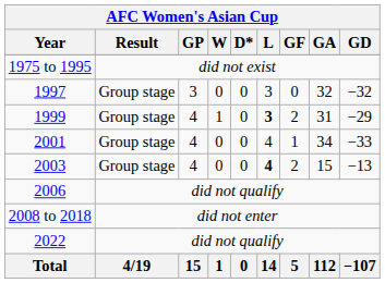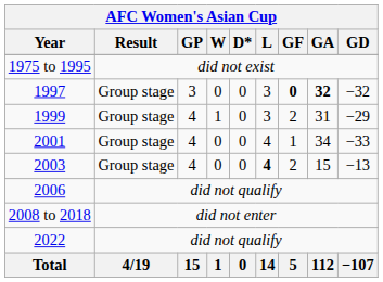 <table class="wikitable" style="text-align: center;">
 <tr>
 <th colspan=10><a href='#'>AFC Women's Asian Cup</a></th>
 </tr>
 <tr>
 <th>Year</th>
 <th>Result</th>
 <th>GP</th>
 <th>W</th>
 <th>D*</th>
 <th>L</th>
 <th>GF</th>
 <th>GA</th>
 <th>GD</th>
 </tr>
 <tr>
 </tr>
 <tr>
 <td> <a href='#'>1975</a> to  <a href='#'>1995</a></td>
 <td colspan="9"><em>did not exist</em></td>
 </tr>
 <tr>
 <td> <a href='#'>1997</a></td>
 <td>Group stage</td>
 <td>3</td>
 <td>0</td>
 <td>0</td>
 <td>3</td>
-<td>0</td>
-<td>32</td>
+<td><strong>0</strong></td>
+<td><strong>32</strong></td>
 <td>−32</td>
 </tr>
 <tr>
 <td> <a href='#'>1999</a></td>
 <td>Group stage</td>
 <td>4</td>
 <td>1</td>
 <td>0</td>
-<td><strong>3</strong></td>
+<td>3</td>
 <td>2</td>
 <td>31</td>
 <td>−29</td>
 </tr>
 <tr>
 <td> <a href='#'>2001</a></td>
 <td>Group stage</td>
 <td>4</td>
 <td>0</td>
 <td>0</td>
 <td>4</td>
 <td>1</td>
 <td>34</td>
 <td>−33</td>
 </tr>
 <tr>
 <td> <a href='#'>2003</a></td>
 <td>Group stage</td>
 <td>4</td>
 <td>0</td>
 <td>0</td>
 <td><strong>4</strong></td>
 <td>2</td>
 <td>15</td>
 <td>−13</td>
 </tr>
 <tr>
 <td> <a href='#'>2006</a></td>
 <td colspan="9"><em>did not qualify</em></td>
 </tr>
 <tr>
 <td> <a href='#'>2008</a> to  <a href='#'>2018</a></td>
 <td colspan="9"><em>did not enter</em></td>
 </tr>
 <tr>
 <td> <a href='#'>2022</a></td>
 <td colspan="9"><em>did not qualify</em></td>
 </tr>
 <tr>
 <th>Total</th>
 <th>4/19</th>
 <th>15</th>
 <th>1</th>
 <th>0</th>
 <th>14</th>
 <th>5</th>
 <th>112</th>
 <th>−107</th>
 </tr>
 </table>
